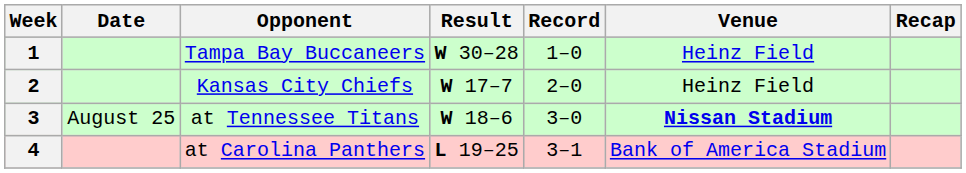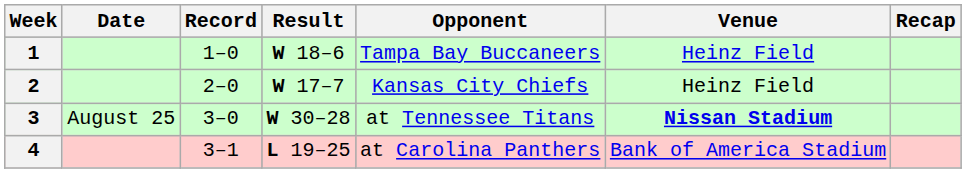 <table class="wikitable" style="text-align:center">
 <tr>
 <th>Week</th>
 <th>Date</th>
+<th>Record</th>
+<th>Result</th>
 <th>Opponent</th>
-<th>Result</th>
-<th>Record</th>
 <th>Venue</th>
 <th>Recap</th>
 </tr>
 <tr style="background:#cfc">
 <th>1</th>
 <td></td>
+<td>1–0</td>
+<td><strong>W</strong> 18–6</td>
 <td><a href='#'>Tampa Bay Buccaneers</a></td>
-<td><strong>W</strong> 30–28</td>
-<td>1–0</td>
 <td><a href='#'>Heinz Field</a></td>
 <td></td>
 </tr>
 <tr style="background:#cfc">
 <th>2</th>
 <td></td>
+<td>2–0</td>
+<td><strong>W</strong> 17–7</td>
 <td><a href='#'>Kansas City Chiefs</a></td>
-<td><strong>W</strong> 17–7</td>
-<td>2–0</td>
 <td>Heinz Field</td>
 <td></td>
 </tr>
 <tr style="background:#cfc">
 <th>3</th>
 <td>August 25</td>
+<td>3–0</td>
+<td><strong>W</strong> 30–28</td>
 <td>at <a href='#'>Tennessee Titans</a></td>
-<td><strong>W</strong> 18–6</td>
-<td>3–0</td>
 <td><strong><a href='#'>Nissan Stadium</a></strong></td>
 <td></td>
 </tr>
 <tr style="background:#fcc">
 <th>4</th>
 <td></td>
+<td>3–1</td>
+<td><strong>L</strong> 19–25</td>
 <td>at <a href='#'>Carolina Panthers</a></td>
-<td><strong>L</strong> 19–25</td>
-<td>3–1</td>
 <td><a href='#'>Bank of America Stadium</a></td>
 <td></td>
 </tr>
 </table>
